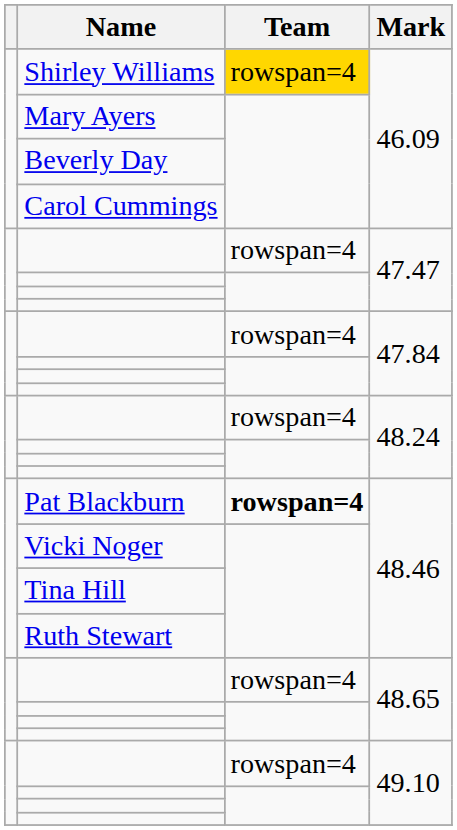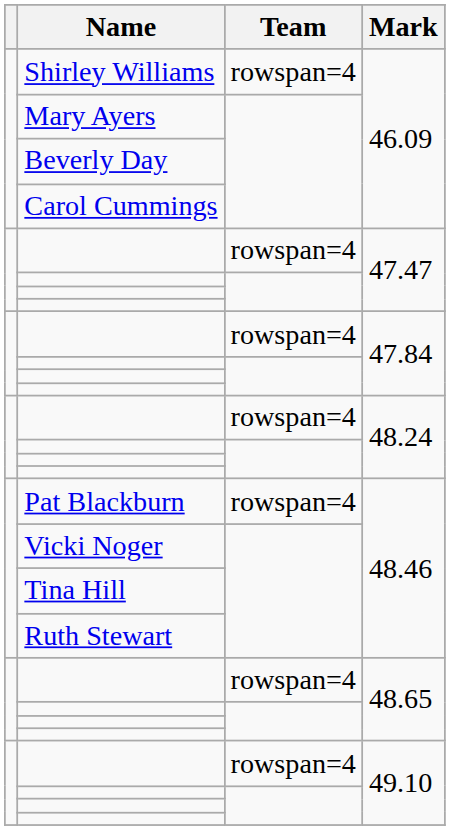 <table class=wikitable>
 <tr>
 <th></th>
 <th>Name</th>
 <th>Team</th>
 <th>Mark</th>
 </tr>
 <tr>
 <td rowspan=4></td>
 <td><a href='#'>Shirley Williams</a></td>
-<td style="background: gold;">rowspan=4 </td>
+<td>rowspan=4 </td>
 <td rowspan=4>46.09</td>
 </tr>
 <tr>
 <td><a href='#'>Mary Ayers</a></td>
 </tr>
 <tr>
 <td><a href='#'>Beverly Day</a></td>
 </tr>
 <tr>
 <td><a href='#'>Carol Cummings</a></td>
 </tr>
 <tr>
 <td rowspan=4></td>
 <td></td>
 <td>rowspan=4 </td>
 <td rowspan=4>47.47</td>
 </tr>
 <tr>
 <td></td>
 </tr>
 <tr>
 <td></td>
 </tr>
 <tr>
 <td></td>
 </tr>
 <tr>
 <td rowspan=4></td>
 <td></td>
 <td>rowspan=4 </td>
 <td rowspan=4>47.84</td>
 </tr>
 <tr>
 <td></td>
 </tr>
 <tr>
 <td></td>
 </tr>
 <tr>
 <td></td>
 </tr>
 <tr>
 <td rowspan=4></td>
 <td></td>
 <td>rowspan=4 </td>
 <td rowspan=4>48.24</td>
 </tr>
 <tr>
 <td></td>
 </tr>
 <tr>
 <td></td>
 </tr>
 <tr>
 <td></td>
 </tr>
 <tr>
 <td rowspan=4></td>
 <td><a href='#'>Pat Blackburn</a></td>
-<td><strong>rowspan=4 </strong></td>
+<td>rowspan=4 </td>
 <td rowspan=4>48.46</td>
 </tr>
 <tr>
 <td><a href='#'>Vicki Noger</a></td>
 </tr>
 <tr>
 <td><a href='#'>Tina Hill</a></td>
 </tr>
 <tr>
 <td><a href='#'>Ruth Stewart</a></td>
 </tr>
 <tr>
 <td rowspan=4></td>
 <td></td>
 <td>rowspan=4 </td>
 <td rowspan=4>48.65</td>
 </tr>
 <tr>
 <td></td>
 </tr>
 <tr>
 <td></td>
 </tr>
 <tr>
 <td></td>
 </tr>
 <tr>
 <td rowspan=4></td>
 <td></td>
 <td>rowspan=4 </td>
 <td rowspan=4>49.10</td>
 </tr>
 <tr>
 <td></td>
 </tr>
 <tr>
 <td></td>
 </tr>
 <tr>
 <td></td>
 </tr>
 </table>
